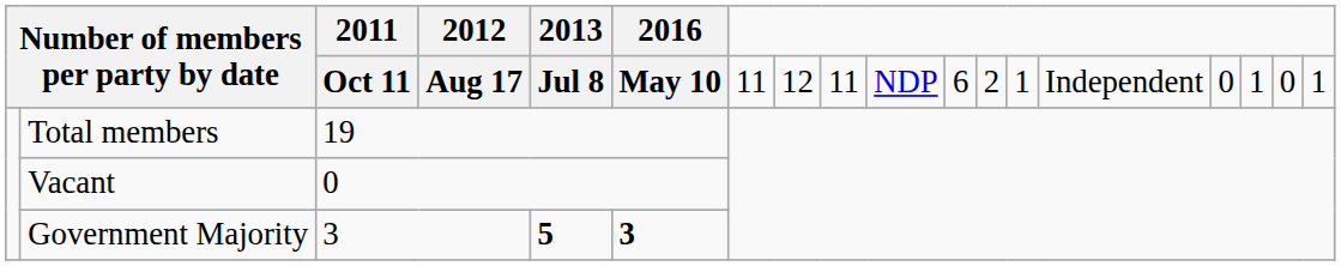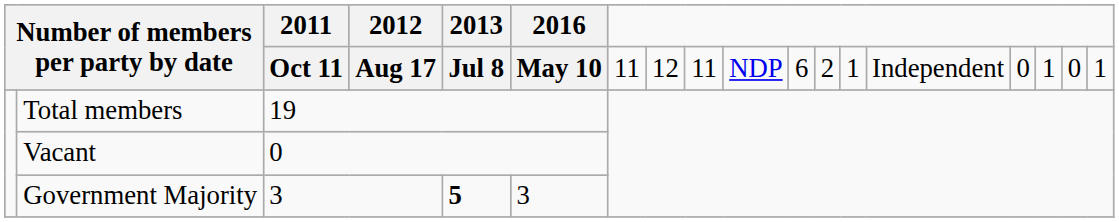 <table class="wikitable">
 <tr>
 <th colspan=2 rowspan=2>Number of members<br>per party by date</th>
 <th>2011</th>
 <th>2012</th>
 <th>2013</th>
 <th>2016</th>
 </tr>
 <tr>
 <th>Oct 11</th>
 <th>Aug 17</th>
 <th>Jul 8</th>
 <th>May 10<br></th>
 <td colspan=2>11</td>
 <td>12</td>
 <td>11<br></td>
 <td><a href='#'>NDP</a></td>
 <td colspan=4>6<br></td>
 <td>2</td>
 <td colspan=3>1<br></td>
 <td>Independent</td>
 <td>0</td>
 <td>1</td>
 <td>0</td>
 <td>1</td>
 </tr>
 <tr>
 <td rowspan=3></td>
 <td>Total members</td>
 <td colspan=4>19</td>
 </tr>
 <tr>
 <td>Vacant</td>
 <td colspan=4>0</td>
 </tr>
 <tr>
 <td>Government Majority</td>
 <td colspan=2>3</td>
 <td><strong>5</strong></td>
-<td><strong>3</strong></td>
+<td>3</td>
 </tr>
 </table>
